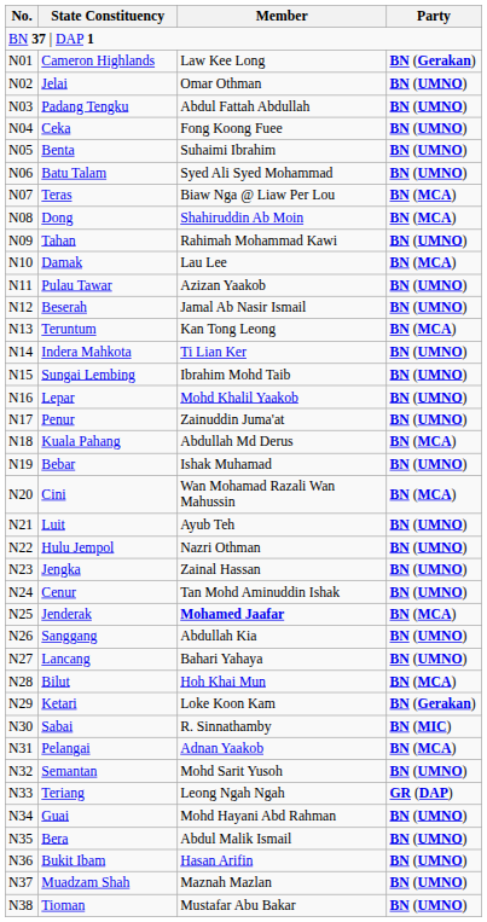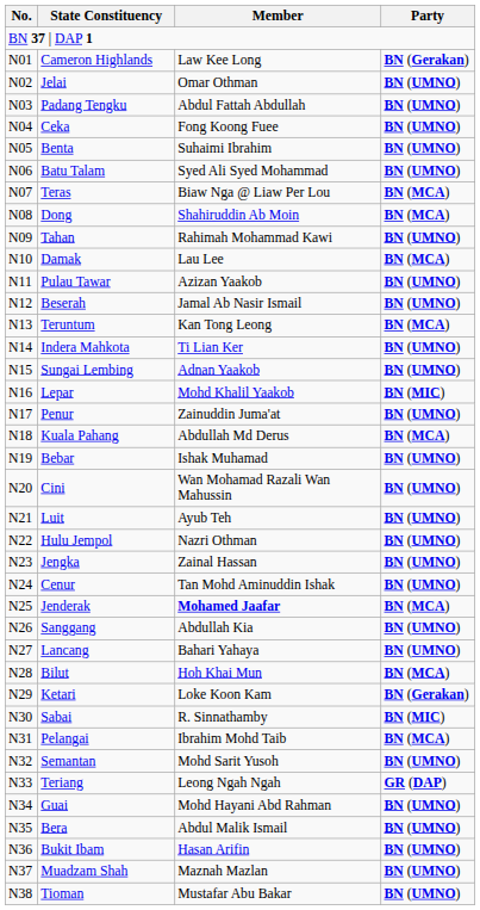 <table class="wikitable sortable">
 <tr>
 <th style="width:30px;">No.</th>
 <th style="width:150px;">State Constituency</th>
 <th style="width:230px;">Member</th>
 <th style="width:100px;">Party</th>
 </tr>
 <tr>
 <td colspan="4"><a href='#'>BN</a> <strong>37</strong> | <a href='#'>DAP</a> <strong>1</strong></td>
 </tr>
 <tr>
 <td>N01</td>
 <td><a href='#'>Cameron Highlands</a></td>
 <td>Law Kee Long</td>
 <td><strong><a href='#'>BN</a></strong> (<strong><a href='#'>Gerakan</a></strong>)</td>
 </tr>
 <tr>
 <td>N02</td>
 <td><a href='#'>Jelai</a></td>
 <td>Omar Othman</td>
 <td><strong><a href='#'>BN</a></strong> (<strong><a href='#'>UMNO</a></strong>)</td>
 </tr>
 <tr>
 <td>N03</td>
 <td><a href='#'>Padang Tengku</a></td>
 <td>Abdul Fattah Abdullah</td>
 <td><strong><a href='#'>BN</a></strong> (<strong><a href='#'>UMNO</a></strong>)</td>
 </tr>
 <tr>
 <td>N04</td>
 <td><a href='#'>Ceka</a></td>
 <td>Fong Koong Fuee</td>
 <td><strong><a href='#'>BN</a></strong> (<strong><a href='#'>UMNO</a></strong>)</td>
 </tr>
 <tr>
 <td>N05</td>
 <td><a href='#'>Benta</a></td>
 <td>Suhaimi Ibrahim</td>
 <td><strong><a href='#'>BN</a></strong> (<strong><a href='#'>UMNO</a></strong>)</td>
 </tr>
 <tr>
 <td>N06</td>
 <td><a href='#'>Batu Talam</a></td>
 <td>Syed Ali Syed Mohammad</td>
 <td><strong><a href='#'>BN</a></strong> (<strong><a href='#'>UMNO</a></strong>)</td>
 </tr>
 <tr>
 <td>N07</td>
 <td><a href='#'>Teras</a></td>
 <td>Biaw Nga @ Liaw Per Lou</td>
 <td><strong><a href='#'>BN</a></strong> (<strong><a href='#'>MCA</a></strong>)</td>
 </tr>
 <tr>
 <td>N08</td>
 <td><a href='#'>Dong</a></td>
 <td><a href='#'>Shahiruddin Ab Moin</a></td>
 <td><strong><a href='#'>BN</a></strong> (<strong><a href='#'>MCA</a></strong>)</td>
 </tr>
 <tr>
 <td>N09</td>
 <td><a href='#'>Tahan</a></td>
 <td>Rahimah Mohammad Kawi</td>
 <td><strong><a href='#'>BN</a></strong> (<strong><a href='#'>UMNO</a></strong>)</td>
 </tr>
 <tr>
 <td>N10</td>
 <td><a href='#'>Damak</a></td>
 <td>Lau Lee</td>
 <td><strong><a href='#'>BN</a></strong> (<strong><a href='#'>MCA</a></strong>)</td>
 </tr>
 <tr>
 <td>N11</td>
 <td><a href='#'>Pulau Tawar</a></td>
 <td>Azizan Yaakob</td>
 <td><strong><a href='#'>BN</a></strong> (<strong><a href='#'>UMNO</a></strong>)</td>
 </tr>
 <tr>
 <td>N12</td>
 <td><a href='#'>Beserah</a></td>
 <td>Jamal Ab Nasir Ismail</td>
 <td><strong><a href='#'>BN</a></strong> (<strong><a href='#'>UMNO</a></strong>)</td>
 </tr>
 <tr>
 <td>N13</td>
 <td><a href='#'>Teruntum</a></td>
 <td>Kan Tong Leong</td>
 <td><strong><a href='#'>BN</a></strong> (<strong><a href='#'>MCA</a></strong>)</td>
 </tr>
 <tr>
 <td>N14</td>
 <td><a href='#'>Indera Mahkota</a></td>
 <td><a href='#'>Ti Lian Ker</a></td>
 <td><strong><a href='#'>BN</a></strong> (<strong><a href='#'>UMNO</a></strong>)</td>
 </tr>
 <tr>
 <td>N15</td>
 <td><a href='#'>Sungai Lembing</a></td>
-<td>Ibrahim Mohd Taib</td>
+<td><a href='#'>Adnan Yaakob</a></td>
 <td><strong><a href='#'>BN</a></strong> (<strong><a href='#'>UMNO</a></strong>)</td>
 </tr>
 <tr>
 <td>N16</td>
 <td><a href='#'>Lepar</a></td>
 <td><a href='#'>Mohd Khalil Yaakob</a></td>
-<td><strong><a href='#'>BN</a></strong> (<strong><a href='#'>UMNO</a></strong>)</td>
+<td><strong><a href='#'>BN</a></strong> (<strong><a href='#'>MIC</a></strong>)</td>
 </tr>
 <tr>
 <td>N17</td>
 <td><a href='#'>Penur</a></td>
 <td>Zainuddin Juma'at</td>
 <td><strong><a href='#'>BN</a></strong> (<strong><a href='#'>UMNO</a></strong>)</td>
 </tr>
 <tr>
 <td>N18</td>
 <td><a href='#'>Kuala Pahang</a></td>
 <td>Abdullah Md Derus</td>
 <td><strong><a href='#'>BN</a></strong> (<strong><a href='#'>MCA</a></strong>)</td>
 </tr>
 <tr>
 <td>N19</td>
 <td><a href='#'>Bebar</a></td>
 <td>Ishak Muhamad</td>
 <td><strong><a href='#'>BN</a></strong> (<strong><a href='#'>UMNO</a></strong>)</td>
 </tr>
 <tr>
 <td>N20</td>
 <td><a href='#'>Cini</a></td>
 <td>Wan Mohamad Razali Wan Mahussin</td>
-<td><strong><a href='#'>BN</a></strong> (<strong><a href='#'>MCA</a></strong>)</td>
+<td><strong><a href='#'>BN</a></strong> (<strong><a href='#'>UMNO</a></strong>)</td>
 </tr>
 <tr>
 <td>N21</td>
 <td><a href='#'>Luit</a></td>
 <td>Ayub Teh</td>
 <td><strong><a href='#'>BN</a></strong> (<strong><a href='#'>UMNO</a></strong>)</td>
 </tr>
 <tr>
 <td>N22</td>
 <td><a href='#'>Hulu Jempol</a></td>
 <td>Nazri Othman</td>
 <td><strong><a href='#'>BN</a></strong> (<strong><a href='#'>UMNO</a></strong>)</td>
 </tr>
 <tr>
 <td>N23</td>
 <td><a href='#'>Jengka</a></td>
 <td>Zainal Hassan</td>
 <td><strong><a href='#'>BN</a></strong> (<strong><a href='#'>UMNO</a></strong>)</td>
 </tr>
 <tr>
 <td>N24</td>
 <td><a href='#'>Cenur</a></td>
 <td>Tan Mohd Aminuddin Ishak</td>
 <td><strong><a href='#'>BN</a></strong> (<strong><a href='#'>UMNO</a></strong>)</td>
 </tr>
 <tr>
 <td>N25</td>
 <td><a href='#'>Jenderak</a></td>
 <td><strong><a href='#'>Mohamed Jaafar</a></strong></td>
 <td><strong><a href='#'>BN</a></strong> (<strong><a href='#'>MCA</a></strong>)</td>
 </tr>
 <tr>
 <td>N26</td>
 <td><a href='#'>Sanggang</a></td>
 <td>Abdullah Kia</td>
 <td><strong><a href='#'>BN</a></strong> (<strong><a href='#'>UMNO</a></strong>)</td>
 </tr>
 <tr>
 <td>N27</td>
 <td><a href='#'>Lancang</a></td>
 <td>Bahari Yahaya</td>
 <td><strong><a href='#'>BN</a></strong> (<strong><a href='#'>UMNO</a></strong>)</td>
 </tr>
 <tr>
 <td>N28</td>
 <td><a href='#'>Bilut</a></td>
 <td><a href='#'>Hoh Khai Mun</a></td>
 <td><strong><a href='#'>BN</a></strong> (<strong><a href='#'>MCA</a></strong>)</td>
 </tr>
 <tr>
 <td>N29</td>
 <td><a href='#'>Ketari</a></td>
 <td>Loke Koon Kam</td>
 <td><strong><a href='#'>BN</a></strong> (<strong><a href='#'>Gerakan</a></strong>)</td>
 </tr>
 <tr>
 <td>N30</td>
 <td><a href='#'>Sabai</a></td>
 <td>R. Sinnathamby</td>
 <td><strong><a href='#'>BN</a></strong> (<strong><a href='#'>MIC</a></strong>)</td>
 </tr>
 <tr>
 <td>N31</td>
 <td><a href='#'>Pelangai</a></td>
-<td><a href='#'>Adnan Yaakob</a></td>
+<td>Ibrahim Mohd Taib</td>
 <td><strong><a href='#'>BN</a></strong> (<strong><a href='#'>MCA</a></strong>)</td>
 </tr>
 <tr>
 <td>N32</td>
 <td><a href='#'>Semantan</a></td>
 <td>Mohd Sarit Yusoh</td>
 <td><strong><a href='#'>BN</a></strong> (<strong><a href='#'>UMNO</a></strong>)</td>
 </tr>
 <tr>
 <td>N33</td>
 <td><a href='#'>Teriang</a></td>
 <td>Leong Ngah Ngah</td>
 <td><strong><a href='#'>GR</a></strong> (<strong><a href='#'>DAP</a></strong>)</td>
 </tr>
 <tr>
 <td>N34</td>
 <td><a href='#'>Guai</a></td>
 <td>Mohd Hayani Abd Rahman</td>
 <td><strong><a href='#'>BN</a></strong> (<strong><a href='#'>UMNO</a></strong>)</td>
 </tr>
 <tr>
 <td>N35</td>
 <td><a href='#'>Bera</a></td>
 <td>Abdul Malik Ismail</td>
 <td><strong><a href='#'>BN</a></strong> (<strong><a href='#'>UMNO</a></strong>)</td>
 </tr>
 <tr>
 <td>N36</td>
 <td><a href='#'>Bukit Ibam</a></td>
 <td><a href='#'>Hasan Arifin</a></td>
 <td><strong><a href='#'>BN</a></strong> (<strong><a href='#'>UMNO</a></strong>)</td>
 </tr>
 <tr>
 <td>N37</td>
 <td><a href='#'>Muadzam Shah</a></td>
 <td>Maznah Mazlan</td>
 <td><strong><a href='#'>BN</a></strong> (<strong><a href='#'>UMNO</a></strong>)</td>
 </tr>
 <tr>
 <td>N38</td>
 <td><a href='#'>Tioman</a></td>
 <td>Mustafar Abu Bakar</td>
 <td><strong><a href='#'>BN</a></strong> (<strong><a href='#'>UMNO</a></strong>)</td>
 </tr>
 </table>
